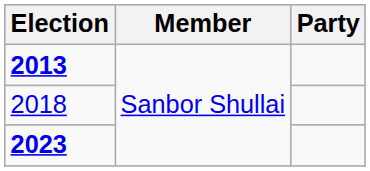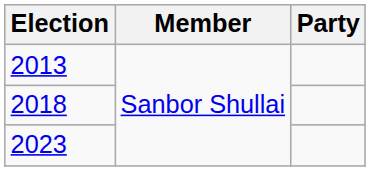 <table class="wikitable sortable">
 <tr>
 <th>Election</th>
 <th>Member</th>
 <th colspan=2>Party</th>
 </tr>
 <tr>
-<td><strong><a href='#'>2013</a></strong></td>
+<td><a href='#'>2013</a></td>
 <td rowspan=3><a href='#'>Sanbor Shullai</a></td>
 <td></td>
 </tr>
 <tr>
 <td><a href='#'>2018</a></td>
 <td></td>
 </tr>
 <tr>
-<td><strong><a href='#'>2023</a></strong></td>
+<td><a href='#'>2023</a></td>
 </tr>
 </table>
